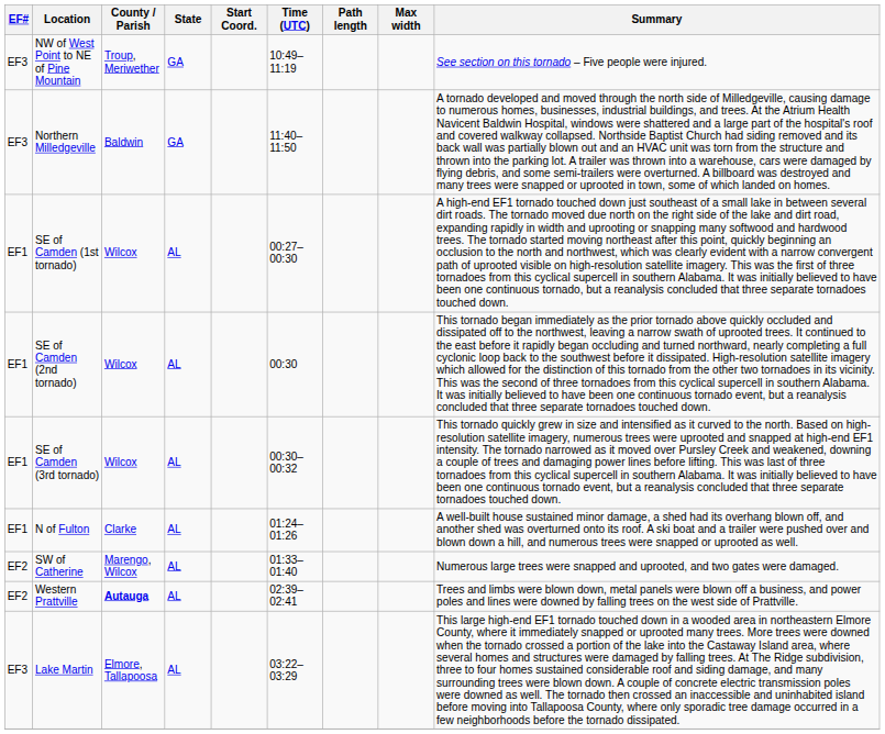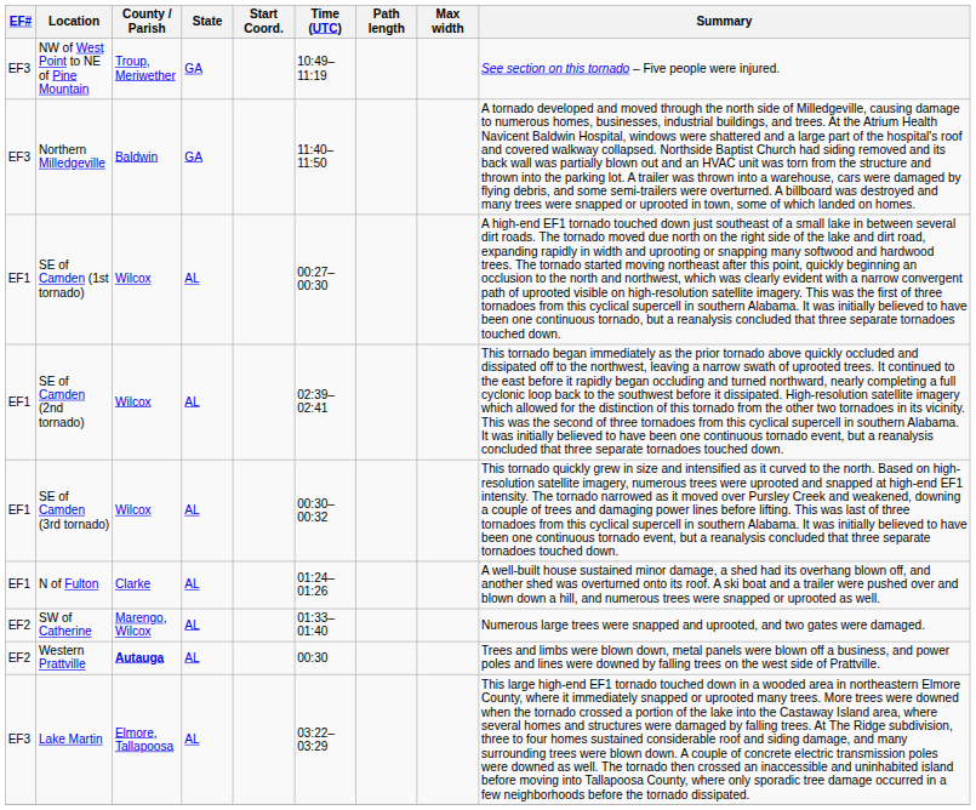 <table class="wikitable sortable" style="width:100%;">
 <tr>
 <th scope="col" style="width:3%; text-align:center;"><a href='#'>EF#</a></th>
 <th scope="col" style="width:7%; text-align:center;" class="unsortable">Location</th>
 <th scope="col" style="width:6%; text-align:center;" class="unsortable">County / Parish</th>
 <th scope="col" style="width:5%; text-align:center;">State</th>
 <th scope="col" style="width:6%; text-align:center;">Start Coord.</th>
 <th scope="col" style="width:6%; text-align:center;">Time (<a href='#'>UTC</a>)</th>
 <th scope="col" style="width:6%; text-align:center;">Path length</th>
 <th scope="col" style="width:6%; text-align:center;">Max width</th>
 <th scope="col" class="unsortable" style="width:48%; text-align:center;">Summary</th>
 </tr>
 <tr>
 <td>EF3</td>
 <td>NW of <a href='#'>West Point</a> to NE of <a href='#'>Pine Mountain</a></td>
 <td><a href='#'>Troup</a>, <a href='#'>Meriwether</a></td>
 <td><a href='#'>GA</a></td>
 <td></td>
 <td>10:49–11:19</td>
 <td></td>
 <td></td>
 <td><em><a href='#'>See section on this tornado</a></em> – Five people were injured.</td>
 </tr>
 <tr>
 <td>EF3</td>
 <td>Northern <a href='#'>Milledgeville</a></td>
 <td><a href='#'>Baldwin</a></td>
 <td><a href='#'>GA</a></td>
 <td></td>
 <td>11:40–11:50</td>
 <td></td>
 <td></td>
 <td>A tornado developed and moved through the north side of Milledgeville, causing damage to numerous homes, businesses, industrial buildings, and trees. At the Atrium Health Navicent Baldwin Hospital, windows were shattered and a large part of the hospital's roof and covered walkway collapsed. Northside Baptist Church had siding removed and its back wall was partially blown out and an HVAC unit was torn from the structure and thrown into the parking lot. A trailer was thrown into a warehouse, cars were damaged by flying debris, and some semi-trailers were overturned. A billboard was destroyed and many trees were snapped or uprooted in town, some of which landed on homes.</td>
 </tr>
 <tr>
 <td>EF1</td>
 <td>SE of <a href='#'>Camden</a> (1st tornado)</td>
 <td><a href='#'>Wilcox</a></td>
 <td><a href='#'>AL</a></td>
 <td></td>
 <td>00:27–00:30</td>
 <td></td>
 <td></td>
 <td>A high-end EF1 tornado touched down just southeast of a small lake in between several dirt roads. The tornado moved due north on the right side of the lake and dirt road, expanding rapidly in width and uprooting or snapping many softwood and hardwood trees. The tornado started moving northeast after this point, quickly beginning an occlusion to the north and northwest, which was clearly evident with a narrow convergent path of uprooted visible on high-resolution satellite imagery. This was the first of three tornadoes from this cyclical supercell in southern Alabama. It was initially believed to have been one continuous tornado, but a reanalysis concluded that three separate tornadoes touched down.</td>
 </tr>
 <tr>
 <td>EF1</td>
 <td>SE of <a href='#'>Camden</a> (2nd tornado)</td>
 <td><a href='#'>Wilcox</a></td>
 <td><a href='#'>AL</a></td>
 <td></td>
-<td>00:30</td>
+<td>02:39–02:41</td>
 <td></td>
 <td></td>
 <td>This tornado began immediately as the prior tornado above quickly occluded and dissipated off to the northwest, leaving a narrow swath of uprooted trees. It continued to the east before it rapidly began occluding and turned northward, nearly completing a full cyclonic loop back to the southwest before it dissipated. High-resolution satellite imagery which allowed for the distinction of this tornado from the other two tornadoes in its vicinity. This was the second of three tornadoes from this cyclical supercell in southern Alabama. It was initially believed to have been one continuous tornado event, but a reanalysis concluded that three separate tornadoes touched down.</td>
 </tr>
 <tr>
 <td>EF1</td>
 <td>SE of <a href='#'>Camden</a> (3rd tornado)</td>
 <td><a href='#'>Wilcox</a></td>
 <td><a href='#'>AL</a></td>
 <td></td>
 <td>00:30–00:32</td>
 <td></td>
 <td></td>
 <td>This tornado quickly grew in size and intensified as it curved to the north. Based on high-resolution satellite imagery, numerous trees were uprooted and snapped at high-end EF1 intensity. The tornado narrowed as it moved over Pursley Creek and weakened, downing a couple of trees and damaging power lines before lifting. This was last of three tornadoes from this cyclical supercell in southern Alabama. It was initially believed to have been one continuous tornado event, but a reanalysis concluded that three separate tornadoes touched down.</td>
 </tr>
 <tr>
 <td>EF1</td>
 <td>N of <a href='#'>Fulton</a></td>
 <td><a href='#'>Clarke</a></td>
 <td><a href='#'>AL</a></td>
 <td></td>
 <td>01:24–01:26</td>
 <td></td>
 <td></td>
 <td>A well-built house sustained minor damage, a shed had its overhang blown off, and another shed was overturned onto its roof. A ski boat and a trailer were pushed over and blown down a hill, and numerous trees were snapped or uprooted as well.</td>
 </tr>
 <tr>
 <td>EF2</td>
 <td>SW of <a href='#'>Catherine</a></td>
 <td><a href='#'>Marengo</a>, <a href='#'>Wilcox</a></td>
 <td><a href='#'>AL</a></td>
 <td></td>
 <td>01:33–01:40</td>
 <td></td>
 <td></td>
 <td>Numerous large trees were snapped and uprooted, and two gates were damaged.</td>
 </tr>
 <tr>
 <td>EF2</td>
 <td>Western <a href='#'>Prattville</a></td>
 <td><strong><a href='#'>Autauga</a></strong></td>
 <td><a href='#'>AL</a></td>
 <td></td>
-<td>02:39–02:41</td>
+<td>00:30</td>
 <td></td>
 <td></td>
 <td>Trees and limbs were blown down, metal panels were blown off a business, and power poles and lines were downed by falling trees on the west side of Prattville.</td>
 </tr>
 <tr>
 <td>EF3</td>
 <td><a href='#'>Lake Martin</a></td>
 <td><a href='#'>Elmore</a>, <a href='#'>Tallapoosa</a></td>
 <td><a href='#'>AL</a></td>
 <td></td>
 <td>03:22–03:29</td>
 <td></td>
 <td></td>
 <td>This large high-end EF1 tornado touched down in a wooded area in northeastern Elmore County, where it immediately snapped or uprooted many trees. More trees were downed when the tornado crossed a portion of the lake into the Castaway Island area, where several homes and structures were damaged by falling trees. At The Ridge subdivision, three to four homes sustained considerable roof and siding damage, and many surrounding trees were blown down. A couple of concrete electric transmission poles were downed as well. The tornado then crossed an inaccessible and uninhabited island before moving into Tallapoosa County, where only sporadic tree damage occurred in a few neighborhoods before the tornado dissipated.</td>
 </tr>
 <tr>
 </tr>
 </table>
